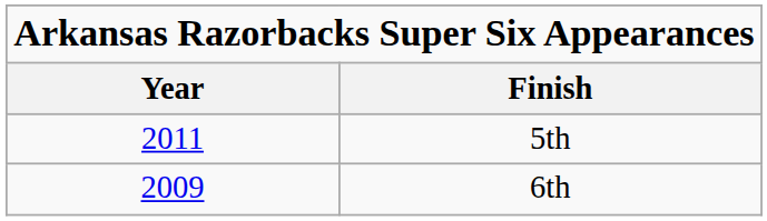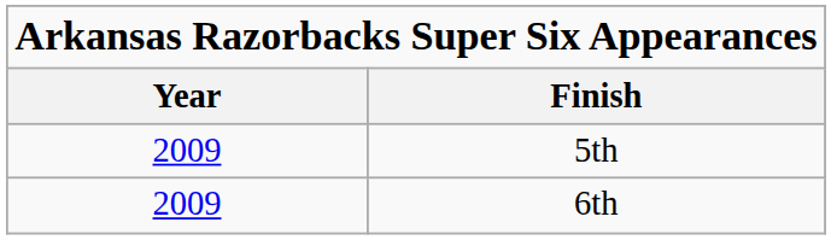 <table class="wikitable" style="margin: 1em auto 1em auto">
 <tr>
 <td colspan="2" align="center"><big><span><strong>Arkansas Razorbacks Super Six Appearances</strong></span></big></td>
 </tr>
 <tr align="center" valign="top">
 <th>Year</th>
 <th>Finish</th>
 </tr>
 <tr align="center" valign="top">
-<td><a href='#'>2011</a></td>
+<td><a href='#'>2009</a></td>
 <td>5th</td>
 </tr>
 <tr align="center" valign="top">
 <td><a href='#'>2009</a></td>
 <td>6th</td>
 </tr>
 </table>
